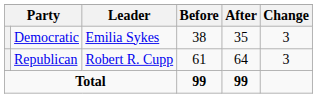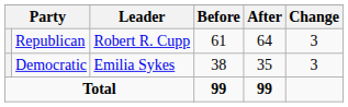 <table class="wikitable" style="text-align:center;">
 <tr>
 </tr>
 <tr>
 <th colspan=2>Party</th>
 <th>Leader</th>
 <th>Before</th>
 <th>After</th>
 <th>Change</th>
 </tr>
 <tr>
 <th style="background-color:"></th>
+<td style="text-align:left;"><a href='#'>Republican</a></td>
+<td style="text-align:left;"><a href='#'>Robert R. Cupp</a></td>
+<td>61</td>
+<td>64</td>
+<td> 3</td>
+</tr>
+<tr>
+<th style="background-color:"></th>
 <td style="text-align:left;"><a href='#'>Democratic</a></td>
 <td style="text-align:left;"><a href='#'>Emilia Sykes</a></td>
 <td>38</td>
 <td>35</td>
-<td> 3</td>
-</tr>
-<tr>
-<th style="background-color:"></th>
-<td style="text-align:left;"><a href='#'>Republican</a></td>
-<td style="text-align:left;"><a href='#'>Robert R. Cupp</a></td>
-<td>61</td>
-<td>64</td>
 <td> 3</td>
 </tr>
 <tr>
 <td colspan=3><strong>Total</strong></td>
 <td><strong>99</strong></td>
 <td><strong>99</strong></td>
 <td></td>
 </tr>
 </table>
